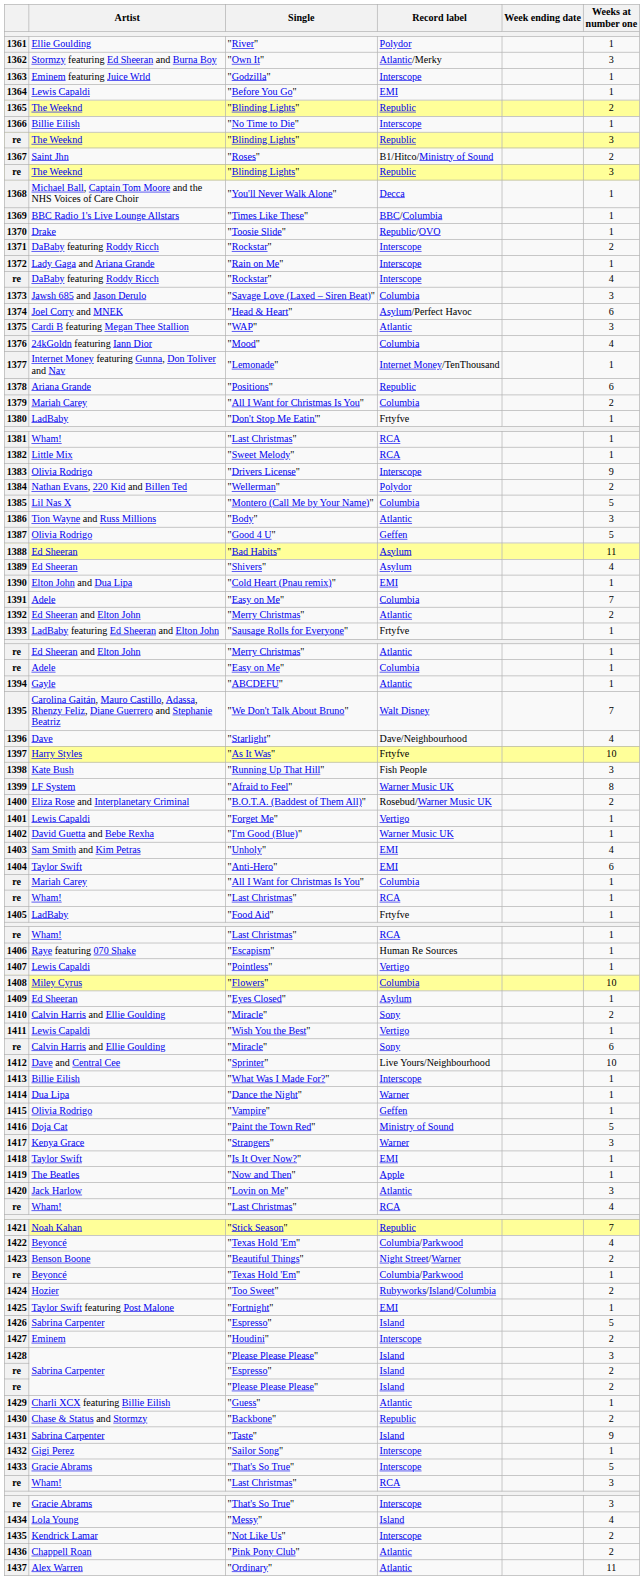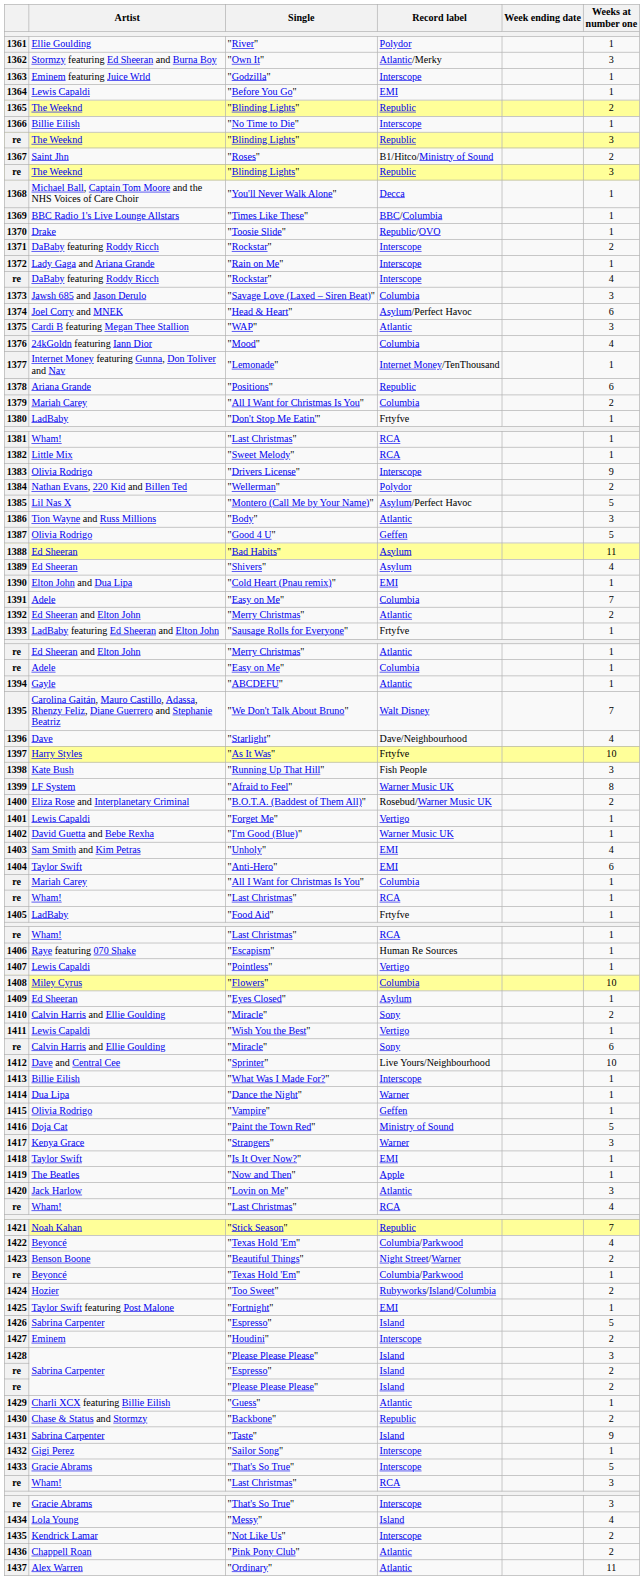 <table class="wikitable plainrowheaders sortable">
 <tr>
 <th scope=col></th>
 <th scope=col style="width:19em;">Artist</th>
 <th scope=col>Single</th>
 <th scope=col>Record label</th>
 <th scope=col>Week ending date</th>
 <th scope=col>Weeks at<br>number one</th>
 </tr>
 <tr class=unsortable>
 <th scope=row style="text-align:center;" colspan=7></th>
 </tr>
 <tr>
 <th scope=row style="text-align:center;">1361</th>
 <td><a href='#'>Ellie Goulding</a></td>
 <td>"<a href='#'>River</a>"</td>
 <td><a href='#'>Polydor</a></td>
 <td></td>
 <td align=center>1</td>
 </tr>
 <tr>
 <th scope=row style="text-align:center;">1362</th>
 <td><a href='#'>Stormzy</a> featuring <a href='#'>Ed Sheeran</a> and <a href='#'>Burna Boy</a></td>
 <td>"<a href='#'>Own It</a>"</td>
 <td><a href='#'>Atlantic</a>/Merky</td>
 <td></td>
 <td align=center>3</td>
 </tr>
 <tr>
 <th scope=row style="text-align:center;">1363</th>
 <td><a href='#'>Eminem</a> featuring <a href='#'>Juice Wrld</a></td>
 <td>"<a href='#'>Godzilla</a>"</td>
 <td><a href='#'>Interscope</a></td>
 <td></td>
 <td align=center>1</td>
 </tr>
 <tr>
 <th scope=row style="text-align:center;">1364</th>
 <td><a href='#'>Lewis Capaldi</a></td>
 <td>"<a href='#'>Before You Go</a>"</td>
 <td><a href='#'>EMI</a></td>
 <td></td>
 <td align=center>1</td>
 </tr>
 <tr style="background:#ff9;">
 <th scope=row style="text-align:center;">1365</th>
 <td><a href='#'>The Weeknd</a></td>
 <td>"<a href='#'>Blinding Lights</a>" </td>
 <td><a href='#'>Republic</a></td>
 <td></td>
 <td align=center>2</td>
 </tr>
 <tr>
 <th scope=row style="text-align:center;">1366</th>
 <td><a href='#'>Billie Eilish</a></td>
 <td>"<a href='#'>No Time to Die</a>"</td>
 <td><a href='#'>Interscope</a></td>
 <td></td>
 <td align=center>1</td>
 </tr>
 <tr style="background:#ff9;">
 <th scope=row style="text-align:center;">re</th>
 <td><a href='#'>The Weeknd</a></td>
 <td>"<a href='#'>Blinding Lights</a>" </td>
 <td><a href='#'>Republic</a></td>
 <td></td>
 <td align=center>3</td>
 </tr>
 <tr>
 <th scope=row style="text-align:center;">1367</th>
 <td><a href='#'>Saint Jhn</a></td>
 <td>"<a href='#'>Roses</a>"</td>
 <td>B1/Hitco/<a href='#'>Ministry of Sound</a></td>
 <td></td>
 <td align=center>2</td>
 </tr>
 <tr style="background:#ff9;">
 <th scope=row style="text-align:center;">re</th>
 <td><a href='#'>The Weeknd</a></td>
 <td>"<a href='#'>Blinding Lights</a>" </td>
 <td><a href='#'>Republic</a></td>
 <td></td>
 <td align=center>3</td>
 </tr>
 <tr>
 <th scope=row style="text-align:center;">1368</th>
 <td><a href='#'>Michael Ball</a>, <a href='#'>Captain Tom Moore</a> and the NHS Voices of Care Choir</td>
 <td>"<a href='#'>You'll Never Walk Alone</a>"</td>
 <td><a href='#'>Decca</a></td>
 <td></td>
 <td align=center>1</td>
 </tr>
 <tr>
 <th scope=row style="text-align:center;">1369</th>
 <td><a href='#'>BBC Radio 1's Live Lounge Allstars</a></td>
 <td>"<a href='#'>Times Like These</a>"</td>
 <td><a href='#'>BBC</a>/<a href='#'>Columbia</a></td>
 <td></td>
 <td align=center>1</td>
 </tr>
 <tr>
 <th scope=row style="text-align:center;">1370</th>
 <td><a href='#'>Drake</a></td>
 <td>"<a href='#'>Toosie Slide</a>"</td>
 <td><a href='#'>Republic</a>/<a href='#'>OVO</a></td>
 <td></td>
 <td align=center>1</td>
 </tr>
 <tr>
 <th scope=row style="text-align:center;">1371</th>
 <td><a href='#'>DaBaby</a> featuring <a href='#'>Roddy Ricch</a></td>
 <td>"<a href='#'>Rockstar</a>"</td>
 <td><a href='#'>Interscope</a></td>
 <td></td>
 <td align=center>2</td>
 </tr>
 <tr>
 <th scope=row style="text-align:center;">1372</th>
 <td><a href='#'>Lady Gaga</a> and <a href='#'>Ariana Grande</a></td>
 <td>"<a href='#'>Rain on Me</a>"</td>
 <td><a href='#'>Interscope</a></td>
 <td></td>
 <td align=center>1</td>
 </tr>
 <tr>
 <th scope=row style="text-align:center;">re</th>
 <td><a href='#'>DaBaby</a> featuring <a href='#'>Roddy Ricch</a></td>
 <td>"<a href='#'>Rockstar</a>"</td>
 <td><a href='#'>Interscope</a></td>
 <td></td>
 <td align=center>4</td>
 </tr>
 <tr>
 <th scope=row style="text-align:center;">1373</th>
 <td><a href='#'>Jawsh 685</a> and <a href='#'>Jason Derulo</a></td>
 <td>"<a href='#'>Savage Love (Laxed – Siren Beat)</a>"</td>
 <td><a href='#'>Columbia</a></td>
 <td></td>
 <td align=center>3</td>
 </tr>
 <tr>
 <th scope=row style="text-align:center;">1374</th>
 <td><a href='#'>Joel Corry</a> and <a href='#'>MNEK</a></td>
 <td>"<a href='#'>Head & Heart</a>"</td>
 <td><a href='#'>Asylum</a>/Perfect Havoc</td>
 <td></td>
 <td align=center>6</td>
 </tr>
 <tr>
 <th scope=row style="text-align:center;">1375</th>
 <td><a href='#'>Cardi B</a> featuring <a href='#'>Megan Thee Stallion</a></td>
 <td>"<a href='#'>WAP</a>"</td>
 <td><a href='#'>Atlantic</a></td>
 <td></td>
 <td align=center>3</td>
 </tr>
 <tr>
 <th scope=row style="text-align:center;">1376</th>
 <td><a href='#'>24kGoldn</a> featuring <a href='#'>Iann Dior</a></td>
 <td>"<a href='#'>Mood</a>"</td>
 <td><a href='#'>Columbia</a></td>
 <td></td>
 <td align=center>4</td>
 </tr>
 <tr>
 <th scope=row style="text-align:center;">1377</th>
 <td><a href='#'>Internet Money</a> featuring <a href='#'>Gunna</a>, <a href='#'>Don Toliver</a> and <a href='#'>Nav</a></td>
 <td>"<a href='#'>Lemonade</a>"</td>
 <td><a href='#'>Internet Money</a>/TenThousand</td>
 <td></td>
 <td align=center>1</td>
 </tr>
 <tr>
 <th scope=row style="text-align:center;">1378</th>
 <td><a href='#'>Ariana Grande</a></td>
 <td>"<a href='#'>Positions</a>"</td>
 <td><a href='#'>Republic</a></td>
 <td></td>
 <td align=center>6</td>
 </tr>
 <tr>
 <th scope=row style="text-align:center;">1379</th>
 <td><a href='#'>Mariah Carey</a></td>
 <td>"<a href='#'>All I Want for Christmas Is You</a>"</td>
 <td><a href='#'>Columbia</a></td>
 <td></td>
 <td align=center>2</td>
 </tr>
 <tr>
 <th scope=row style="text-align:center;">1380</th>
 <td><a href='#'>LadBaby</a></td>
 <td>"<a href='#'>Don't Stop Me Eatin'</a>"</td>
 <td>Frtyfve</td>
 <td></td>
 <td align=center>1</td>
 </tr>
 <tr>
 <th scope=row style="text-align:center;" colspan=7></th>
 </tr>
 <tr>
 <th scope=row style="text-align:center;">1381</th>
 <td><a href='#'>Wham!</a></td>
 <td>"<a href='#'>Last Christmas</a>"</td>
 <td><a href='#'>RCA</a></td>
 <td></td>
 <td align=center>1</td>
 </tr>
 <tr>
 <th scope=row style="text-align:center;">1382</th>
 <td><a href='#'>Little Mix</a></td>
 <td>"<a href='#'>Sweet Melody</a>"</td>
 <td><a href='#'>RCA</a></td>
 <td></td>
 <td align=center>1</td>
 </tr>
 <tr>
 <th scope=row style="text-align:center;">1383</th>
 <td><a href='#'>Olivia Rodrigo</a></td>
 <td>"<a href='#'>Drivers License</a>"</td>
 <td><a href='#'>Interscope</a></td>
 <td></td>
 <td align=center>9</td>
 </tr>
 <tr>
 <th scope=row style="text-align:center;">1384</th>
 <td><a href='#'>Nathan Evans</a>, <a href='#'>220 Kid</a> and <a href='#'>Billen Ted</a></td>
 <td>"<a href='#'>Wellerman</a>"</td>
 <td><a href='#'>Polydor</a></td>
 <td></td>
 <td align=center>2</td>
 </tr>
 <tr>
 <th scope=row style="text-align:center;">1385</th>
 <td><a href='#'>Lil Nas X</a></td>
 <td>"<a href='#'>Montero (Call Me by Your Name)</a>"</td>
-<td><a href='#'>Columbia</a></td>
+<td><a href='#'>Asylum</a>/Perfect Havoc</td>
 <td></td>
 <td align=center>5</td>
 </tr>
 <tr>
 <th scope=row style="text-align:center;">1386</th>
 <td><a href='#'>Tion Wayne</a> and <a href='#'>Russ Millions</a></td>
 <td>"<a href='#'>Body</a>"</td>
 <td><a href='#'>Atlantic</a></td>
 <td></td>
 <td align=center>3</td>
 </tr>
 <tr>
 <th scope=row style="text-align:center;">1387</th>
 <td><a href='#'>Olivia Rodrigo</a></td>
 <td>"<a href='#'>Good 4 U</a>"</td>
 <td><a href='#'>Geffen</a></td>
 <td></td>
 <td align=center>5</td>
 </tr>
 <tr style="background:#ff9;">
 <th scope=row style="text-align:center;">1388</th>
 <td><a href='#'>Ed Sheeran</a></td>
 <td>"<a href='#'>Bad Habits</a>" </td>
 <td><a href='#'>Asylum</a></td>
 <td></td>
 <td align=center>11</td>
 </tr>
 <tr>
 <th scope=row style="text-align:center;">1389</th>
 <td><a href='#'>Ed Sheeran</a></td>
 <td>"<a href='#'>Shivers</a>"</td>
 <td><a href='#'>Asylum</a></td>
 <td></td>
 <td align=center>4</td>
 </tr>
 <tr>
 <th scope=row style="text-align:center;">1390</th>
 <td><a href='#'>Elton John</a> and <a href='#'>Dua Lipa</a></td>
 <td>"<a href='#'>Cold Heart (Pnau remix)</a>"</td>
 <td><a href='#'>EMI</a></td>
 <td></td>
 <td align=center>1</td>
 </tr>
 <tr>
 <th scope=row style="text-align:center;">1391</th>
 <td><a href='#'>Adele</a></td>
 <td>"<a href='#'>Easy on Me</a>"</td>
 <td><a href='#'>Columbia</a></td>
 <td></td>
 <td align=center>7</td>
 </tr>
 <tr>
 <th scope=row style="text-align:center;">1392</th>
 <td><a href='#'>Ed Sheeran</a> and <a href='#'>Elton John</a></td>
 <td>"<a href='#'>Merry Christmas</a>"</td>
 <td><a href='#'>Atlantic</a></td>
 <td></td>
 <td align=center>2</td>
 </tr>
 <tr>
 <th scope=row style="text-align:center;">1393</th>
 <td><a href='#'>LadBaby</a> featuring <a href='#'>Ed Sheeran</a> and <a href='#'>Elton John</a></td>
 <td>"<a href='#'>Sausage Rolls for Everyone</a>"</td>
 <td>Frtyfve</td>
 <td></td>
 <td align=center>1</td>
 </tr>
 <tr>
 <th scope=row style="text-align:center;" colspan=7></th>
 </tr>
 <tr>
 <th scope=row style="text-align:center;">re</th>
 <td><a href='#'>Ed Sheeran</a> and <a href='#'>Elton John</a></td>
 <td>"<a href='#'>Merry Christmas</a>"</td>
 <td><a href='#'>Atlantic</a></td>
 <td></td>
 <td align=center>1</td>
 </tr>
 <tr>
 <th scope=row style="text-align:center;">re</th>
 <td><a href='#'>Adele</a></td>
 <td>"<a href='#'>Easy on Me</a>"</td>
 <td><a href='#'>Columbia</a></td>
 <td></td>
 <td align=center>1</td>
 </tr>
 <tr>
 <th scope=row style="text-align:center;">1394</th>
 <td><a href='#'>Gayle</a></td>
 <td>"<a href='#'>ABCDEFU</a>"</td>
 <td><a href='#'>Atlantic</a></td>
 <td></td>
 <td align=center>1</td>
 </tr>
 <tr>
 <th scope=row style="text-align:center;">1395</th>
 <td><a href='#'>Carolina Gaitán</a>, <a href='#'>Mauro Castillo</a>, <a href='#'>Adassa</a>, <a href='#'>Rhenzy Feliz</a>, <a href='#'>Diane Guerrero</a> and <a href='#'>Stephanie Beatriz</a></td>
 <td>"<a href='#'>We Don't Talk About Bruno</a>"</td>
 <td><a href='#'>Walt Disney</a></td>
 <td></td>
 <td align=center>7</td>
 </tr>
 <tr>
 <th scope=row style="text-align:center;">1396</th>
 <td><a href='#'>Dave</a></td>
 <td>"<a href='#'>Starlight</a>"</td>
 <td>Dave/Neighbourhood</td>
 <td></td>
 <td align=center>4</td>
 </tr>
 <tr style="background:#ff9">
 <th scope=row style="text-align:center;">1397</th>
 <td><a href='#'>Harry Styles</a></td>
 <td>"<a href='#'>As It Was</a>" </td>
 <td>Frtyfve</td>
 <td></td>
 <td align=center>10</td>
 </tr>
 <tr>
 <th scope=row style="text-align:center;">1398</th>
 <td><a href='#'>Kate Bush</a></td>
 <td>"<a href='#'>Running Up That Hill</a>"</td>
 <td>Fish People</td>
 <td></td>
 <td align=center>3</td>
 </tr>
 <tr>
 <th scope=row style="text-align:center;">1399</th>
 <td><a href='#'>LF System</a></td>
 <td>"<a href='#'>Afraid to Feel</a>"</td>
 <td><a href='#'>Warner Music UK</a></td>
 <td></td>
 <td align=center>8</td>
 </tr>
 <tr>
 <th scope=row style="text-align:center;">1400</th>
 <td><a href='#'>Eliza Rose</a> and <a href='#'>Interplanetary Criminal</a></td>
 <td>"<a href='#'>B.O.T.A. (Baddest of Them All)</a>"</td>
 <td>Rosebud/<a href='#'>Warner Music UK</a></td>
 <td></td>
 <td align=center>2</td>
 </tr>
 <tr>
 <th scope=row style="text-align:center;">1401</th>
 <td><a href='#'>Lewis Capaldi</a></td>
 <td>"<a href='#'>Forget Me</a>"</td>
 <td><a href='#'>Vertigo</a></td>
 <td></td>
 <td align=center>1</td>
 </tr>
 <tr>
 <th scope=row style="text-align:center;">1402</th>
 <td><a href='#'>David Guetta</a> and <a href='#'>Bebe Rexha</a></td>
 <td>"<a href='#'>I'm Good (Blue)</a>"</td>
 <td><a href='#'>Warner Music UK</a></td>
 <td></td>
 <td align=center>1</td>
 </tr>
 <tr>
 <th scope=row style="text-align:center;">1403</th>
 <td><a href='#'>Sam Smith</a> and <a href='#'>Kim Petras</a></td>
 <td>"<a href='#'>Unholy</a>"</td>
 <td><a href='#'>EMI</a></td>
 <td></td>
 <td align=center>4</td>
 </tr>
 <tr>
 <th scope=row style="text-align:center;">1404</th>
 <td><a href='#'>Taylor Swift</a></td>
 <td>"<a href='#'>Anti-Hero</a>"</td>
 <td><a href='#'>EMI</a></td>
 <td></td>
 <td align=center>6</td>
 </tr>
 <tr>
 <th scope=row style="text-align:center;">re</th>
 <td><a href='#'>Mariah Carey</a></td>
 <td>"<a href='#'>All I Want for Christmas Is You</a>"</td>
 <td><a href='#'>Columbia</a></td>
 <td></td>
 <td align=center>1</td>
 </tr>
 <tr>
 <th scope=row style="text-align:center;">re</th>
 <td><a href='#'>Wham!</a></td>
 <td>"<a href='#'>Last Christmas</a>"</td>
 <td><a href='#'>RCA</a></td>
 <td></td>
 <td align=center>1</td>
 </tr>
 <tr>
 <th scope=row style="text-align:center;">1405</th>
 <td><a href='#'>LadBaby</a></td>
 <td>"<a href='#'>Food Aid</a>"</td>
 <td>Frtyfve</td>
 <td></td>
 <td align=center>1</td>
 </tr>
 <tr>
 <th scope=row style="text-align:center;" colspan=7></th>
 </tr>
 <tr>
 <th scope=row style="text-align:center;">re</th>
 <td><a href='#'>Wham!</a></td>
 <td>"<a href='#'>Last Christmas</a>"</td>
 <td><a href='#'>RCA</a></td>
 <td></td>
 <td align=center>1</td>
 </tr>
 <tr>
 <th scope=row style="text-align:center;">1406</th>
 <td><a href='#'>Raye</a> featuring <a href='#'>070 Shake</a></td>
 <td>"<a href='#'>Escapism</a>"</td>
 <td>Human Re Sources</td>
 <td></td>
 <td align=center>1</td>
 </tr>
 <tr>
 <th scope=row style="text-align:center;">1407</th>
 <td><a href='#'>Lewis Capaldi</a></td>
 <td>"<a href='#'>Pointless</a>"</td>
 <td><a href='#'>Vertigo</a></td>
 <td></td>
 <td align=center>1</td>
 </tr>
 <tr style="background:#ff9">
 <th scope=row style="text-align:center;">1408</th>
 <td><a href='#'>Miley Cyrus</a></td>
 <td>"<a href='#'>Flowers</a>" </td>
 <td><a href='#'>Columbia</a></td>
 <td></td>
 <td align=center>10</td>
 </tr>
 <tr>
 <th scope=row style="text-align:center;">1409</th>
 <td><a href='#'>Ed Sheeran</a></td>
 <td>"<a href='#'>Eyes Closed</a>"</td>
 <td><a href='#'>Asylum</a></td>
 <td></td>
 <td align=center>1</td>
 </tr>
 <tr>
 <th scope=row style="text-align:center;">1410</th>
 <td><a href='#'>Calvin Harris</a> and <a href='#'>Ellie Goulding</a></td>
 <td>"<a href='#'>Miracle</a>"</td>
 <td><a href='#'>Sony</a></td>
 <td></td>
 <td align=center>2</td>
 </tr>
 <tr>
 <th scope=row style="text-align:center;">1411</th>
 <td><a href='#'>Lewis Capaldi</a></td>
 <td>"<a href='#'>Wish You the Best</a>"</td>
 <td><a href='#'>Vertigo</a></td>
 <td></td>
 <td align=center>1</td>
 </tr>
 <tr>
 <th scope=row style="text-align:center;">re</th>
 <td><a href='#'>Calvin Harris</a> and <a href='#'>Ellie Goulding</a></td>
 <td>"<a href='#'>Miracle</a>"</td>
 <td><a href='#'>Sony</a></td>
 <td></td>
 <td align=center>6</td>
 </tr>
 <tr>
 <th scope=row style="text-align:center;">1412</th>
 <td><a href='#'>Dave</a> and <a href='#'>Central Cee</a></td>
 <td>"<a href='#'>Sprinter</a>"</td>
 <td>Live Yours/Neighbourhood</td>
 <td></td>
 <td align=center>10</td>
 </tr>
 <tr>
 <th scope=row style="text-align:center;">1413</th>
 <td><a href='#'>Billie Eilish</a></td>
 <td>"<a href='#'>What Was I Made For?</a>"</td>
 <td><a href='#'>Interscope</a></td>
 <td></td>
 <td align=center>1</td>
 </tr>
 <tr>
 <th scope=row style="text-align:center;">1414</th>
 <td><a href='#'>Dua Lipa</a></td>
 <td>"<a href='#'>Dance the Night</a>"</td>
 <td><a href='#'>Warner</a></td>
 <td></td>
 <td align=center>1</td>
 </tr>
 <tr>
 <th scope=row style="text-align:center;">1415</th>
 <td><a href='#'>Olivia Rodrigo</a></td>
 <td>"<a href='#'>Vampire</a>"</td>
 <td><a href='#'>Geffen</a></td>
 <td></td>
 <td align=center>1</td>
 </tr>
 <tr>
 <th scope=row style="text-align:center;">1416</th>
 <td><a href='#'>Doja Cat</a></td>
 <td>"<a href='#'>Paint the Town Red</a>"</td>
 <td><a href='#'>Ministry of Sound</a></td>
 <td></td>
 <td align=center>5</td>
 </tr>
 <tr>
 <th scope=row style="text-align:center;">1417</th>
 <td><a href='#'>Kenya Grace</a></td>
 <td>"<a href='#'>Strangers</a>"</td>
 <td><a href='#'>Warner</a></td>
 <td></td>
 <td align=center>3</td>
 </tr>
 <tr>
 <th scope=row style="text-align:center;">1418</th>
 <td><a href='#'>Taylor Swift</a></td>
 <td>"<a href='#'>Is It Over Now?</a>"</td>
 <td><a href='#'>EMI</a></td>
 <td></td>
 <td align=center>1</td>
 </tr>
 <tr>
 <th scope=row style="text-align:center;">1419</th>
 <td><a href='#'>The Beatles</a></td>
 <td>"<a href='#'>Now and Then</a>"</td>
 <td><a href='#'>Apple</a></td>
 <td></td>
 <td align=center>1</td>
 </tr>
 <tr>
 <th scope=row style="text-align:center;">1420</th>
 <td><a href='#'>Jack Harlow</a></td>
 <td>"<a href='#'>Lovin on Me</a>"</td>
 <td><a href='#'>Atlantic</a></td>
 <td></td>
 <td align=center>3</td>
 </tr>
 <tr>
 <th scope=row style="text-align:center;">re</th>
 <td><a href='#'>Wham!</a></td>
 <td>"<a href='#'>Last Christmas</a>"</td>
 <td><a href='#'>RCA</a></td>
 <td></td>
 <td align=center>4</td>
 </tr>
 <tr>
 <th scope=row style="text-align:center;" colspan=7></th>
 </tr>
 <tr style="background:#ff9">
 <th scope=row style="text-align:center;">1421</th>
 <td><a href='#'>Noah Kahan</a></td>
 <td>"<a href='#'>Stick Season</a>" </td>
 <td><a href='#'>Republic</a></td>
 <td></td>
 <td align=center>7</td>
 </tr>
 <tr>
 <th scope=row style="text-align:center;">1422</th>
 <td><a href='#'>Beyoncé</a></td>
 <td>"<a href='#'>Texas Hold 'Em</a>"</td>
 <td><a href='#'>Columbia</a>/<a href='#'>Parkwood</a></td>
 <td></td>
 <td align=center>4</td>
 </tr>
 <tr>
 <th scope=row style="text-align:center;">1423</th>
 <td><a href='#'>Benson Boone</a></td>
 <td>"<a href='#'>Beautiful Things</a>"</td>
 <td><a href='#'>Night Street</a>/<a href='#'>Warner</a></td>
 <td></td>
 <td align=center>2</td>
 </tr>
 <tr>
 <th scope=row style="text-align:center;">re</th>
 <td><a href='#'>Beyoncé</a></td>
 <td>"<a href='#'>Texas Hold 'Em</a>"</td>
 <td><a href='#'>Columbia</a>/<a href='#'>Parkwood</a></td>
 <td></td>
 <td align=center>1</td>
 </tr>
 <tr>
 <th scope=row style="text-align:center;">1424</th>
 <td><a href='#'>Hozier</a></td>
 <td>"<a href='#'>Too Sweet</a>"</td>
 <td><a href='#'>Rubyworks</a>/<a href='#'>Island</a>/<a href='#'>Columbia</a></td>
 <td></td>
 <td align=center>2</td>
 </tr>
 <tr>
 <th scope=row style="text-align:center;">1425</th>
 <td><a href='#'>Taylor Swift</a> featuring <a href='#'>Post Malone</a></td>
 <td>"<a href='#'>Fortnight</a>"</td>
 <td><a href='#'>EMI</a></td>
 <td></td>
 <td align=center>1</td>
 </tr>
 <tr>
 <th scope=row style="text-align:center;">1426</th>
 <td><a href='#'>Sabrina Carpenter</a></td>
 <td>"<a href='#'>Espresso</a>"</td>
 <td><a href='#'>Island</a></td>
 <td></td>
 <td align=center>5</td>
 </tr>
 <tr>
 <th scope=row style="text-align:center;">1427</th>
 <td><a href='#'>Eminem</a></td>
 <td>"<a href='#'>Houdini</a>"</td>
 <td><a href='#'>Interscope</a></td>
 <td></td>
 <td align=center>2</td>
 </tr>
 <tr>
 <th scope=row style="text-align:center;">1428</th>
 <td rowspan="3"><a href='#'>Sabrina Carpenter</a></td>
 <td>"<a href='#'>Please Please Please</a>"</td>
 <td><a href='#'>Island</a></td>
 <td></td>
 <td align=center>3</td>
 </tr>
 <tr>
 <th scope=row style="text-align:center;">re</th>
 <td>"<a href='#'>Espresso</a>"</td>
 <td><a href='#'>Island</a></td>
 <td></td>
 <td align=center>2</td>
 </tr>
 <tr>
 <th scope=row style="text-align:center;">re</th>
 <td>"<a href='#'>Please Please Please</a>"</td>
 <td><a href='#'>Island</a></td>
 <td></td>
 <td align=center>2</td>
 </tr>
 <tr>
 <th scope=row style="text-align:center;">1429</th>
 <td><a href='#'>Charli XCX</a> featuring <a href='#'>Billie Eilish</a></td>
 <td>"<a href='#'>Guess</a>"</td>
 <td><a href='#'>Atlantic</a></td>
 <td></td>
 <td align=center>1</td>
 </tr>
 <tr>
 <th scope=row style="text-align:center;">1430</th>
 <td><a href='#'>Chase & Status</a> and <a href='#'>Stormzy</a></td>
 <td>"<a href='#'>Backbone</a>"</td>
 <td><a href='#'>Republic</a></td>
 <td></td>
 <td align=center>2</td>
 </tr>
 <tr>
 <th scope=row style="text-align:center;">1431</th>
 <td><a href='#'>Sabrina Carpenter</a></td>
 <td>"<a href='#'>Taste</a>"</td>
 <td><a href='#'>Island</a></td>
 <td></td>
 <td align=center>9</td>
 </tr>
 <tr>
 <th scope=row style="text-align:center;">1432</th>
 <td><a href='#'>Gigi Perez</a></td>
 <td>"<a href='#'>Sailor Song</a>"</td>
 <td><a href='#'>Interscope</a></td>
 <td></td>
 <td align=center>1</td>
 </tr>
 <tr>
 <th scope=row style="text-align:center;">1433</th>
 <td><a href='#'>Gracie Abrams</a></td>
 <td>"<a href='#'>That's So True</a>"</td>
 <td><a href='#'>Interscope</a></td>
 <td></td>
 <td align=center>5</td>
 </tr>
 <tr>
 <th scope=row style="text-align:center;">re</th>
 <td><a href='#'>Wham!</a></td>
 <td>"<a href='#'>Last Christmas</a>"</td>
 <td><a href='#'>RCA</a></td>
 <td></td>
 <td align=center>3</td>
 </tr>
 <tr>
 <th scope=row style="text-align:center;" colspan=7></th>
 </tr>
 <tr>
 <th scope=row style="text-align:center;">re</th>
 <td><a href='#'>Gracie Abrams</a></td>
 <td>"<a href='#'>That's So True</a>"</td>
 <td><a href='#'>Interscope</a></td>
 <td></td>
 <td align=center>3</td>
 </tr>
 <tr>
 <th scope=row style="text-align:center;">1434</th>
 <td><a href='#'>Lola Young</a></td>
 <td>"<a href='#'>Messy</a>"</td>
 <td><a href='#'>Island</a></td>
 <td></td>
 <td align=center>4</td>
 </tr>
 <tr>
 <th scope=row style="text-align:center;">1435</th>
 <td><a href='#'>Kendrick Lamar</a></td>
 <td>"<a href='#'>Not Like Us</a>"</td>
 <td><a href='#'>Interscope</a></td>
 <td></td>
 <td align=center>2</td>
 </tr>
 <tr>
 <th scope=row style="text-align:center;">1436</th>
 <td><a href='#'>Chappell Roan</a></td>
 <td>"<a href='#'>Pink Pony Club</a>"</td>
 <td><a href='#'>Atlantic</a></td>
 <td></td>
 <td align=center>2</td>
 </tr>
 <tr>
 <th scope=row style="text-align:center;">1437</th>
 <td><a href='#'>Alex Warren</a></td>
 <td>"<a href='#'>Ordinary</a>"</td>
 <td><a href='#'>Atlantic</a></td>
 <td></td>
 <td align=center>11</td>
 </tr>
 </table>
